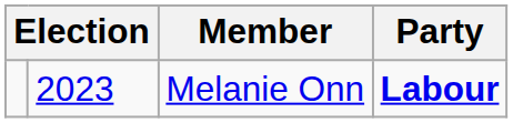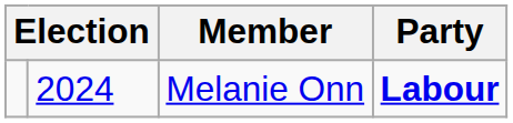 <table class="wikitable">
 <tr>
 <th colspan="2">Election</th>
 <th>Member</th>
 <th>Party</th>
 </tr>
 <tr>
 <td style="color:inherit;background-color: "></td>
-<td><a href='#'>2023</a></td>
+<td><a href='#'>2024</a></td>
 <td><a href='#'>Melanie Onn</a></td>
 <td><strong><a href='#'>Labour</a></strong></td>
 </tr>
 </table>
